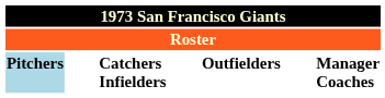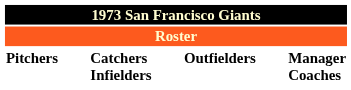 <table class="toccolours" style="font-size: 95%;">
 <tr>
 <th colspan="10" style="background-color: black; color: #FFFDD0; text-align: center;">1973 San Francisco Giants</th>
 </tr>
 <tr>
 <td colspan="10" style="background-color: #fd5a1e; color: #FFFDD0; text-align: center;"><strong>Roster</strong></td>
 </tr>
 <tr>
-<td valign="top" style="background: lightblue;"><strong>Pitchers</strong><br>            </td>
+<td valign="top"><strong>Pitchers</strong><br>            </td>
 <td width="25px"></td>
 <td valign="top"><strong>Catchers</strong><br>   <strong>Infielders</strong>            </td>
 <td width="25px"></td>
 <td valign="top"><strong>Outfielders</strong><br>   </td>
 <td width="25px"></td>
 <td valign="top"><strong>Manager</strong><br> <strong>Coaches</strong>    </td>
 </tr>
 <tr>
 </tr>
 </table>
